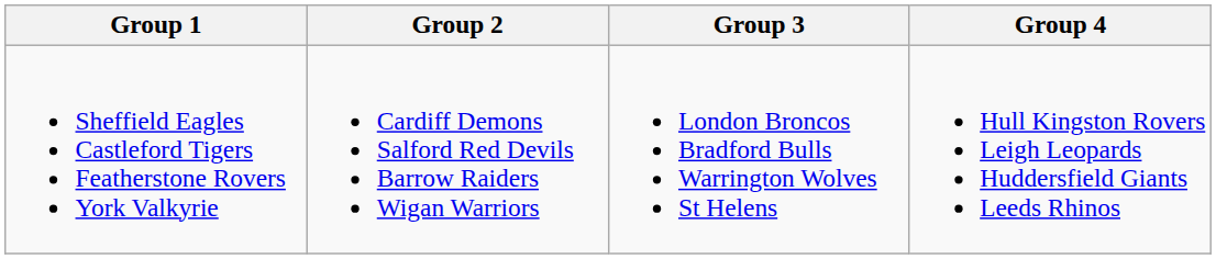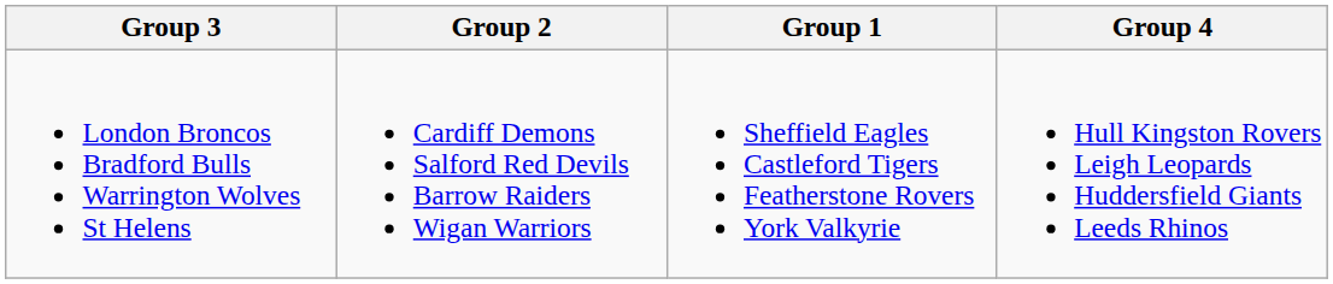 <table class="wikitable">
 <tr>
+<th width=25%>Group 3</th>
+<th width=25%>Group 2</th>
 <th width=25%>Group 1</th>
-<th width=25%>Group 2</th>
-<th width=25%>Group 3</th>
 <th width=25%>Group 4</th>
 </tr>
 <tr>
+<td><br><ul><li><a href='#'>London Broncos</a></li><li><a href='#'>Bradford Bulls</a></li><li><a href='#'>Warrington Wolves</a></li><li><a href='#'>St Helens</a></li></ul></td>
+<td><br><ul><li><a href='#'>Cardiff Demons</a></li><li><a href='#'>Salford Red Devils</a></li><li><a href='#'>Barrow Raiders</a></li><li><a href='#'>Wigan Warriors</a></li></ul></td>
 <td><br><ul><li><a href='#'>Sheffield Eagles</a></li><li><a href='#'>Castleford Tigers</a></li><li><a href='#'>Featherstone Rovers</a></li><li><a href='#'>York Valkyrie</a></li></ul></td>
-<td><br><ul><li><a href='#'>Cardiff Demons</a></li><li><a href='#'>Salford Red Devils</a></li><li><a href='#'>Barrow Raiders</a></li><li><a href='#'>Wigan Warriors</a></li></ul></td>
-<td><br><ul><li><a href='#'>London Broncos</a></li><li><a href='#'>Bradford Bulls</a></li><li><a href='#'>Warrington Wolves</a></li><li><a href='#'>St Helens</a></li></ul></td>
 <td><br><ul><li><a href='#'>Hull Kingston Rovers</a></li><li><a href='#'>Leigh Leopards</a></li><li><a href='#'>Huddersfield Giants</a></li><li><a href='#'>Leeds Rhinos</a></li></ul></td>
 </tr>
 </table>
